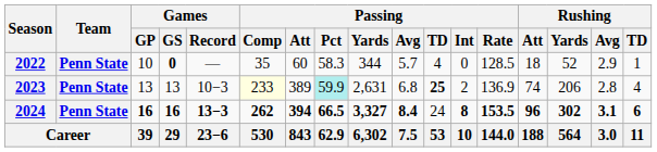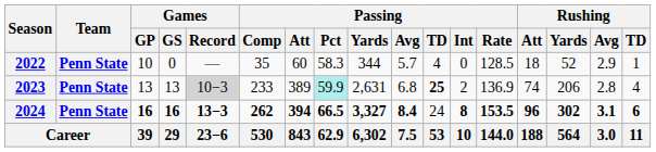 <table class="wikitable" style="text-align:center;">
 <tr>
 <th rowspan="2">Season</th>
 <th rowspan="2">Team</th>
 <th colspan="3">Games</th>
 <th colspan="8">Passing</th>
 <th colspan="5">Rushing</th>
 </tr>
 <tr>
 <th>GP</th>
 <th>GS</th>
 <th>Record</th>
 <th>Comp</th>
 <th>Att</th>
 <th>Pct</th>
 <th>Yards</th>
 <th>Avg</th>
 <th>TD</th>
 <th>Int</th>
 <th>Rate</th>
 <th>Att</th>
 <th>Yards</th>
 <th>Avg</th>
 <th>TD</th>
 </tr>
 <tr>
 <th><a href='#'>2022</a></th>
 <th><a href='#'>Penn State</a></th>
 <td>10</td>
-<td><strong>0</strong></td>
+<td>0</td>
 <td>—</td>
 <td>35</td>
 <td>60</td>
 <td>58.3</td>
 <td>344</td>
 <td>5.7</td>
 <td>4</td>
 <td>0</td>
 <td>128.5</td>
 <td>18</td>
 <td>52</td>
 <td>2.9</td>
 <td>1</td>
 </tr>
 <tr>
 <th><a href='#'>2023</a></th>
 <th><a href='#'>Penn State</a></th>
 <td>13</td>
 <td>13</td>
-<td>10−3</td>
-<td style="background: lightyellow;">233</td>
+<td style="background: lightgrey;">10−3</td>
+<td>233</td>
 <td>389</td>
 <td style="background: paleturquoise;">59.9</td>
 <td>2,631</td>
 <td>6.8</td>
 <td><strong>25</strong></td>
 <td>2</td>
 <td>136.9</td>
 <td>74</td>
 <td>206</td>
 <td>2.8</td>
 <td>4</td>
 </tr>
 <tr>
 <th><a href='#'>2024</a></th>
 <th><a href='#'>Penn State</a></th>
 <td><strong>16</strong></td>
 <td><strong>16</strong></td>
 <td><strong>13−3</strong></td>
 <td><strong>262</strong></td>
 <td><strong>394</strong></td>
 <td><strong>66.5</strong></td>
 <td><strong>3,327</strong></td>
 <td><strong>8.4</strong></td>
 <td>24</td>
 <td><strong>8</strong></td>
 <td><strong>153.5</strong></td>
 <td><strong>96</strong></td>
 <td><strong>302</strong></td>
 <td><strong>3.1</strong></td>
 <td><strong>6</strong></td>
 </tr>
 <tr>
 <th colspan="2"><strong>Career</strong></th>
 <th>39</th>
 <th>29</th>
 <th>23−6</th>
 <th>530</th>
 <th>843</th>
 <th>62.9</th>
 <th>6,302</th>
 <th>7.5</th>
 <th>53</th>
 <th>10</th>
 <th>144.0</th>
 <th>188</th>
 <th>564</th>
 <th>3.0</th>
 <th>11</th>
 </tr>
 </table>
